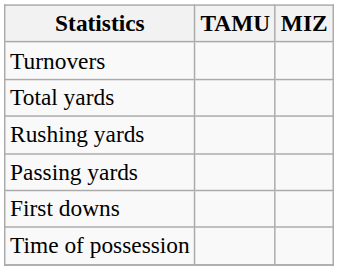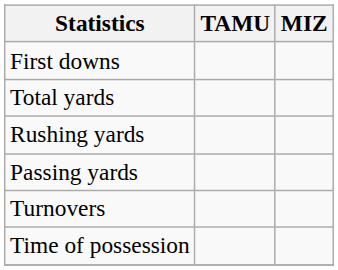 <table class="wikitable" style="float: left;">
 <tr>
 <th>Statistics</th>
 <th>TAMU</th>
 <th>MIZ</th>
 </tr>
 <tr>
-<td>Turnovers</td>
+<td>First downs</td>
 <td></td>
 <td></td>
 </tr>
 <tr>
 <td>Total yards</td>
 <td></td>
 <td></td>
 </tr>
 <tr>
 <td>Rushing yards</td>
 <td></td>
 <td></td>
 </tr>
 <tr>
 <td>Passing yards</td>
 <td></td>
 <td></td>
 </tr>
 <tr>
-<td>First downs</td>
+<td>Turnovers</td>
 <td></td>
 <td></td>
 </tr>
 <tr>
 <td>Time of possession</td>
 <td></td>
 <td></td>
 </tr>
 <tr>
 </tr>
 </table>
